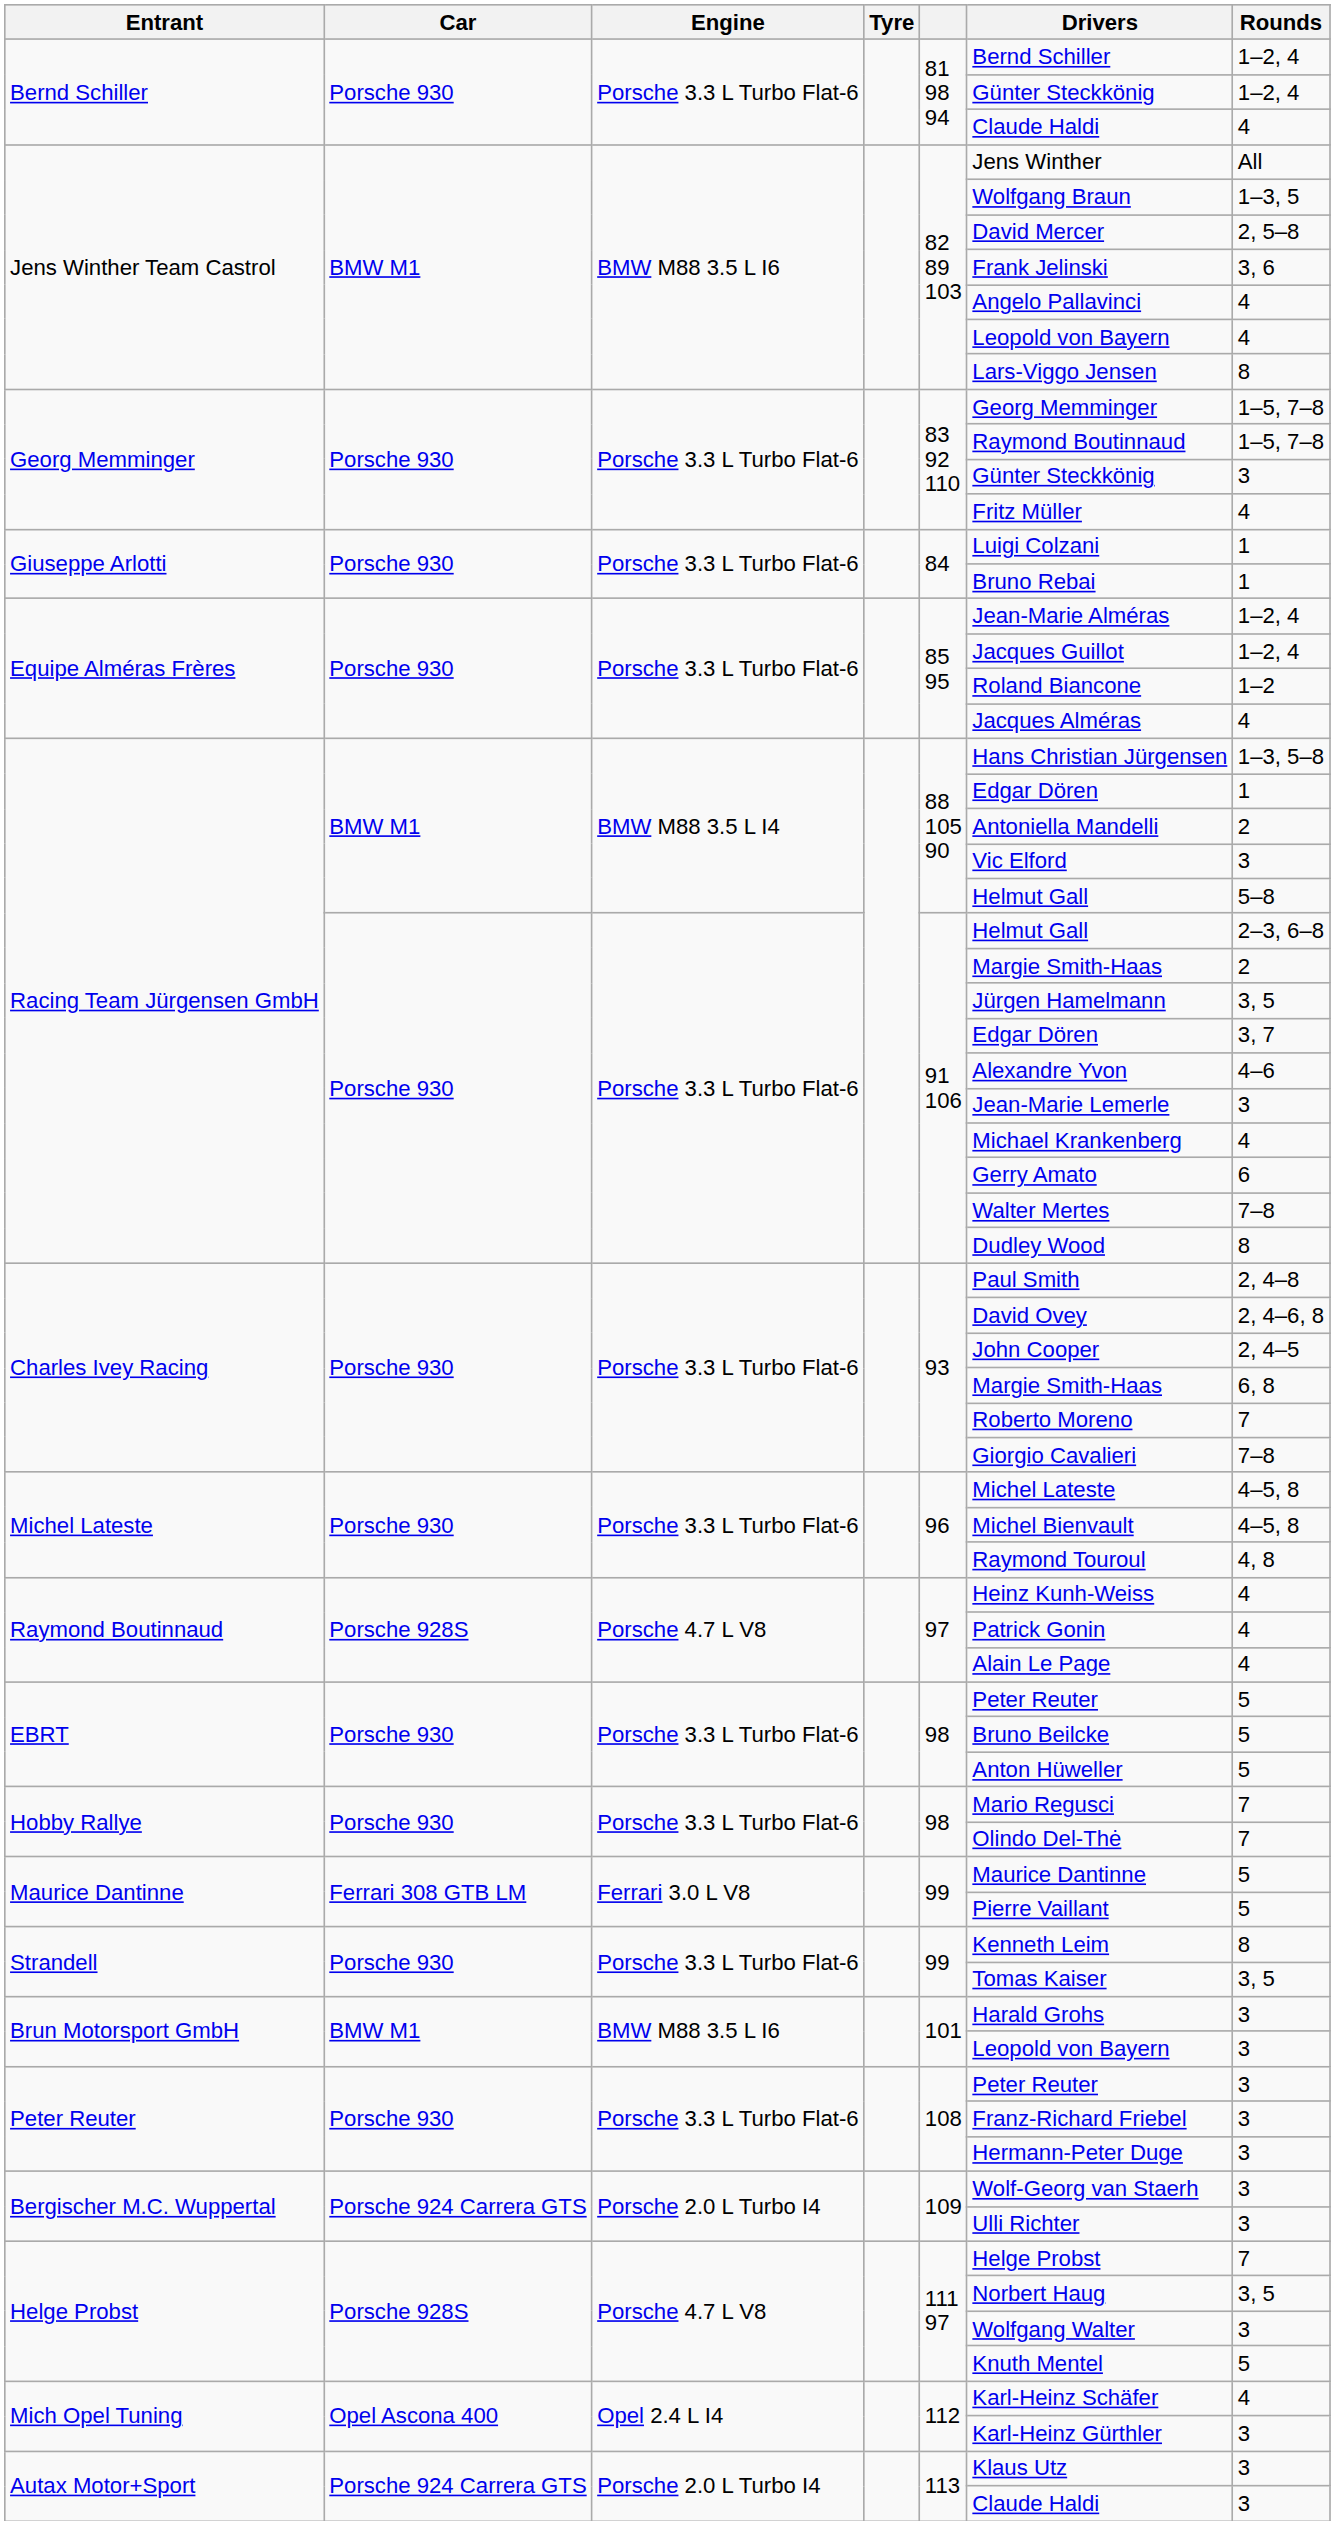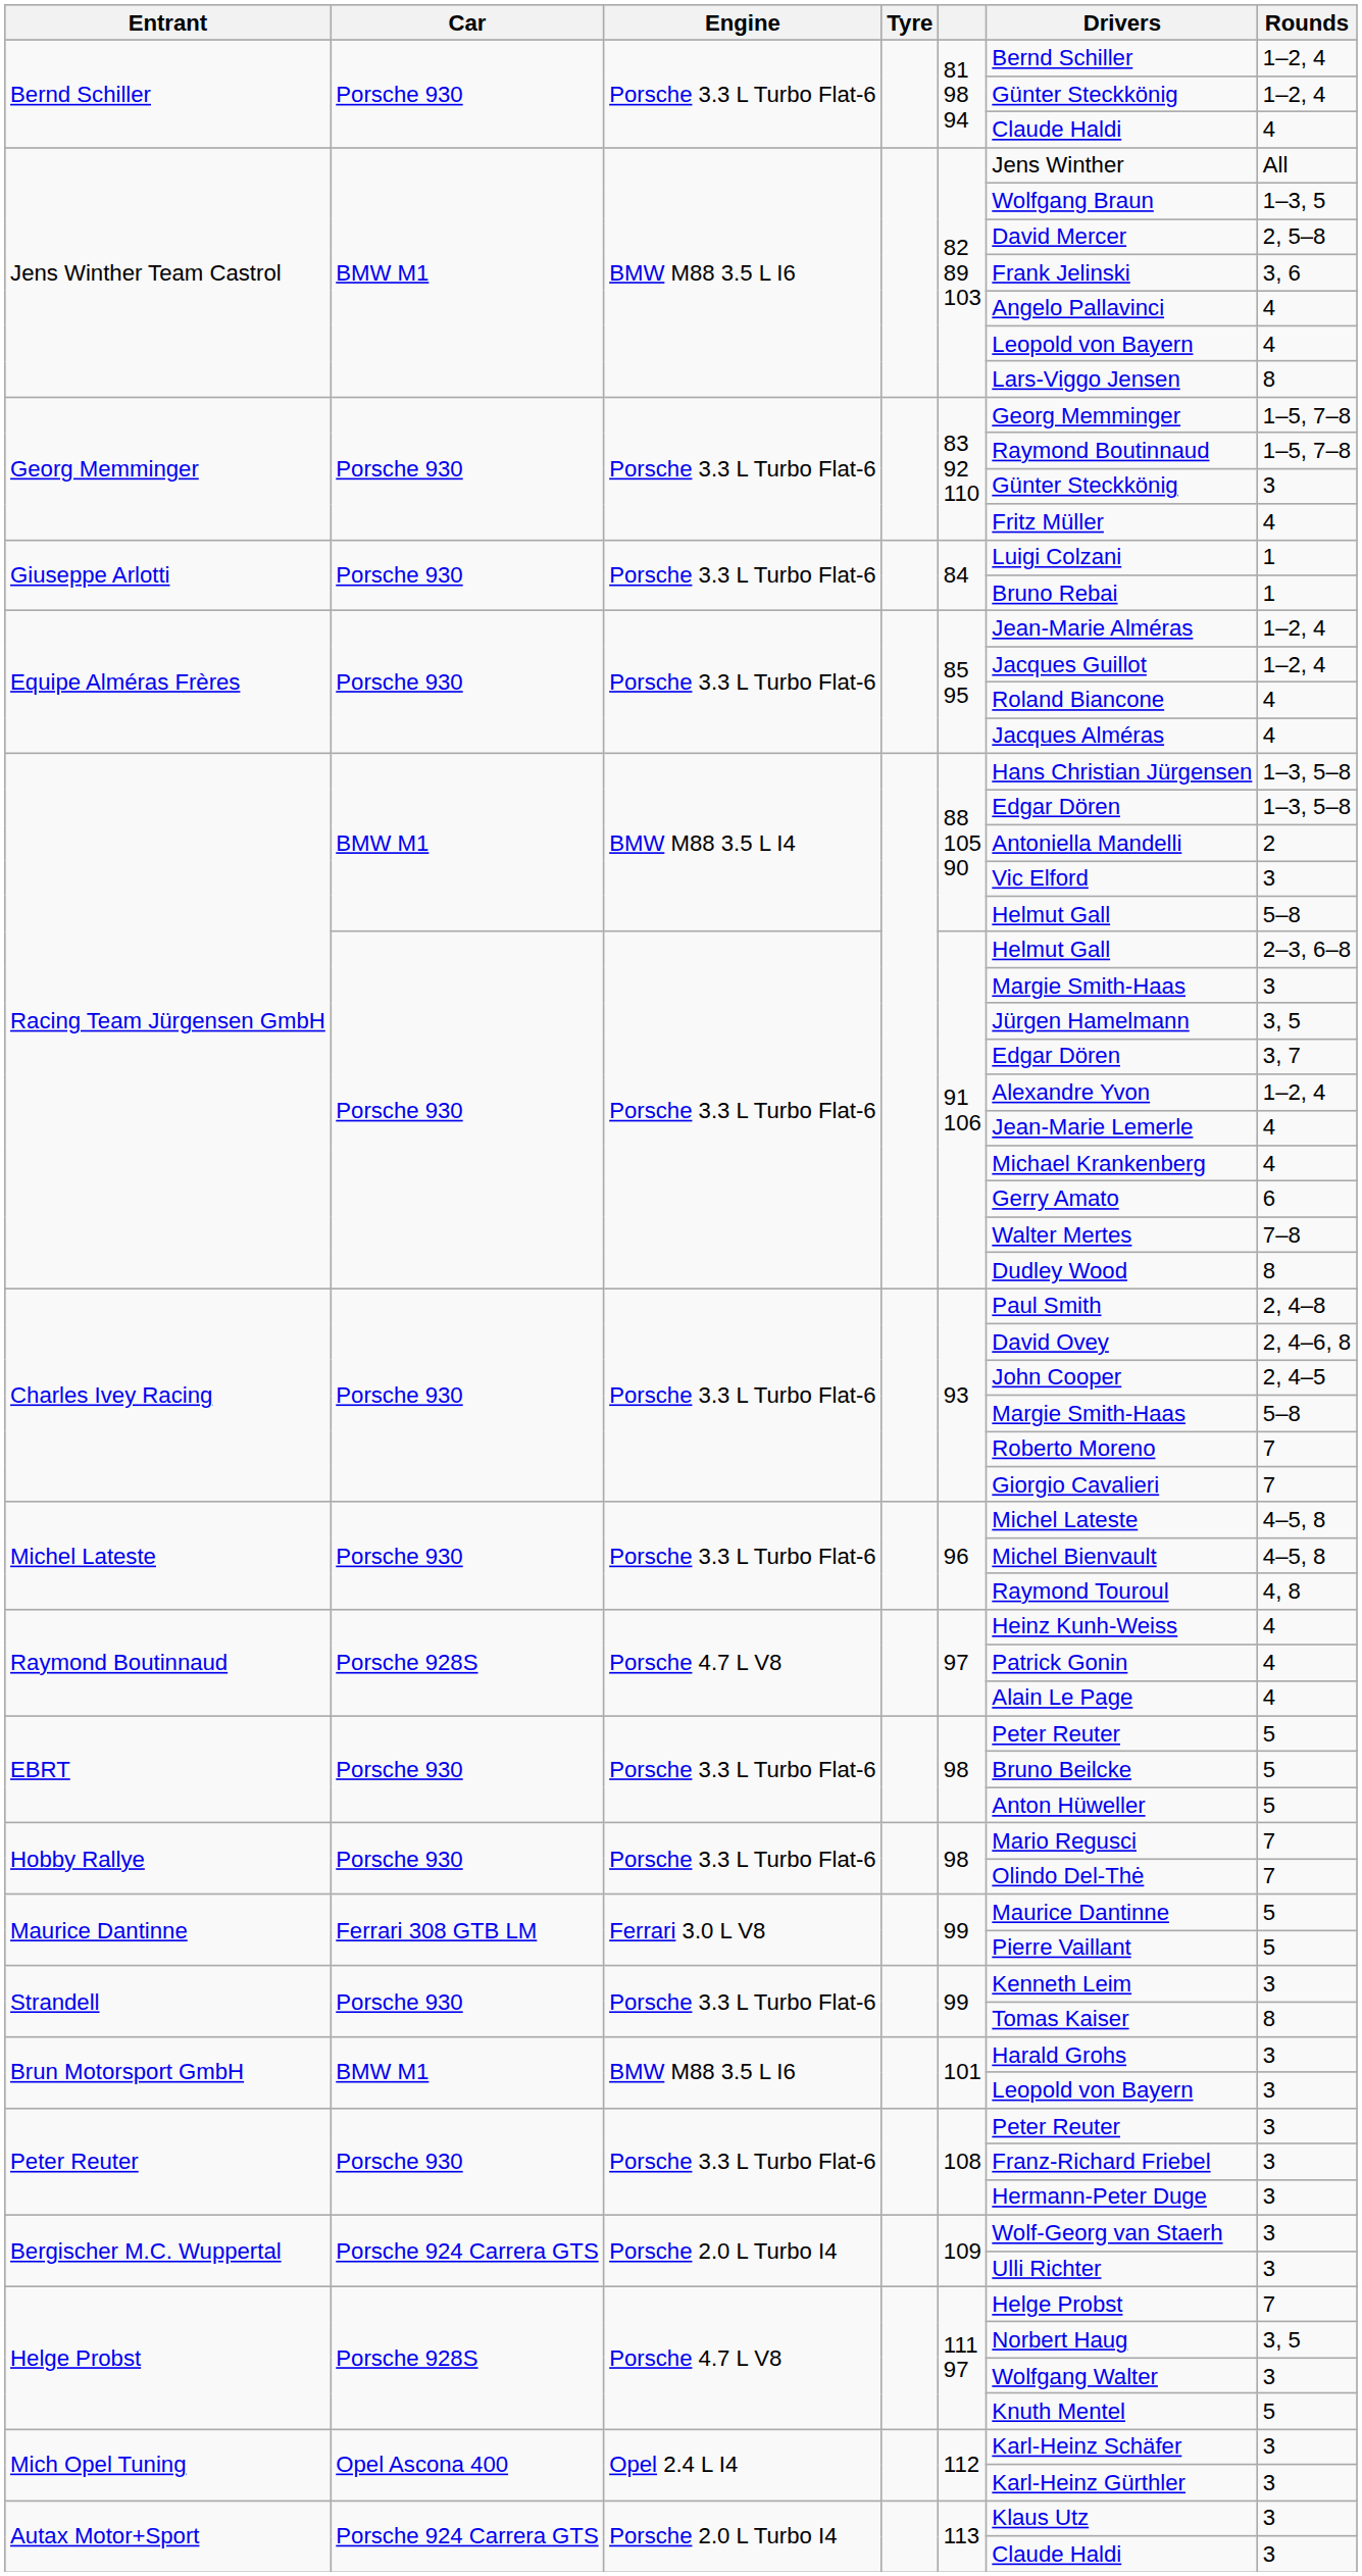 <table class="wikitable" style="font-size: 85%">
 <tr>
 <th>Entrant</th>
 <th>Car</th>
 <th>Engine</th>
 <th>Tyre</th>
 <th></th>
 <th>Drivers</th>
 <th>Rounds</th>
 </tr>
 <tr>
 <td rowspan=3> <a href='#'>Bernd Schiller</a></td>
 <td rowspan=3><a href='#'>Porsche 930</a></td>
 <td rowspan=3><a href='#'>Porsche</a> 3.3 L Turbo Flat-6</td>
 <td rowspan=3></td>
 <td rowspan=3>81<br>98<br>94</td>
 <td> <a href='#'>Bernd Schiller</a></td>
 <td>1–2, 4</td>
 </tr>
 <tr>
 <td> <a href='#'>Günter Steckkönig</a></td>
 <td>1–2, 4</td>
 </tr>
 <tr>
 <td> <a href='#'>Claude Haldi</a></td>
 <td>4</td>
 </tr>
 <tr>
 <td rowspan=7> Jens Winther Team Castrol</td>
 <td rowspan=7><a href='#'>BMW M1</a></td>
 <td rowspan=7><a href='#'>BMW</a> M88 3.5 L I6</td>
 <td rowspan=7><br></td>
 <td rowspan=7>82<br>89<br>103</td>
 <td> Jens Winther</td>
 <td>All</td>
 </tr>
 <tr>
 <td> <a href='#'>Wolfgang Braun</a></td>
 <td>1–3, 5</td>
 </tr>
 <tr>
 <td> <a href='#'>David Mercer</a></td>
 <td>2, 5–8</td>
 </tr>
 <tr>
 <td> <a href='#'>Frank Jelinski</a></td>
 <td>3, 6</td>
 </tr>
 <tr>
 <td> <a href='#'>Angelo Pallavinci</a></td>
 <td>4</td>
 </tr>
 <tr>
 <td> <a href='#'>Leopold von Bayern</a></td>
 <td>4</td>
 </tr>
 <tr>
 <td> <a href='#'>Lars-Viggo Jensen</a></td>
 <td>8</td>
 </tr>
 <tr>
 <td rowspan=4> <a href='#'>Georg Memminger</a></td>
 <td rowspan=4><a href='#'>Porsche 930</a></td>
 <td rowspan=4><a href='#'>Porsche</a> 3.3 L Turbo Flat-6</td>
 <td rowspan=4></td>
 <td rowspan=4>83<br>92<br>110</td>
 <td> <a href='#'>Georg Memminger</a></td>
 <td>1–5, 7–8</td>
 </tr>
 <tr>
 <td> <a href='#'>Raymond Boutinnaud</a></td>
 <td>1–5, 7–8</td>
 </tr>
 <tr>
 <td> <a href='#'>Günter Steckkönig</a></td>
 <td>3</td>
 </tr>
 <tr>
 <td> <a href='#'>Fritz Müller</a></td>
 <td>4</td>
 </tr>
 <tr>
 <td rowspan=2> <a href='#'>Giuseppe Arlotti</a></td>
 <td rowspan=2><a href='#'>Porsche 930</a></td>
 <td rowspan=2><a href='#'>Porsche</a> 3.3 L Turbo Flat-6</td>
 <td rowspan=2></td>
 <td rowspan=2>84</td>
 <td> <a href='#'>Luigi Colzani</a></td>
 <td>1</td>
 </tr>
 <tr>
 <td> <a href='#'>Bruno Rebai</a></td>
 <td>1</td>
 </tr>
 <tr>
 <td rowspan=4> <a href='#'>Equipe Alméras Frères</a></td>
 <td rowspan=4><a href='#'>Porsche 930</a></td>
 <td rowspan=4><a href='#'>Porsche</a> 3.3 L Turbo Flat-6</td>
 <td rowspan=4></td>
 <td rowspan=4>85<br>95</td>
 <td> <a href='#'>Jean-Marie Alméras</a></td>
 <td>1–2, 4</td>
 </tr>
 <tr>
 <td> <a href='#'>Jacques Guillot</a></td>
 <td>1–2, 4</td>
 </tr>
 <tr>
 <td> <a href='#'>Roland Biancone</a></td>
-<td>1–2</td>
+<td>4</td>
 </tr>
 <tr>
 <td> <a href='#'>Jacques Alméras</a></td>
 <td>4</td>
 </tr>
 <tr>
 <td rowspan=15> <a href='#'>Racing Team Jürgensen GmbH</a></td>
 <td rowspan=5><a href='#'>BMW M1</a></td>
 <td rowspan=5><a href='#'>BMW</a> M88 3.5 L I4</td>
 <td rowspan=15></td>
 <td rowspan=5>88<br>105<br>90</td>
 <td> <a href='#'>Hans Christian Jürgensen</a></td>
 <td>1–3, 5–8</td>
 </tr>
 <tr>
 <td> <a href='#'>Edgar Dören</a></td>
-<td>1</td>
+<td>1–3, 5–8</td>
 </tr>
 <tr>
 <td> <a href='#'>Antoniella Mandelli</a></td>
 <td>2</td>
 </tr>
 <tr>
 <td> <a href='#'>Vic Elford</a></td>
 <td>3</td>
 </tr>
 <tr>
 <td> <a href='#'>Helmut Gall</a></td>
 <td>5–8</td>
 </tr>
 <tr>
 <td rowspan=10><a href='#'>Porsche 930</a></td>
 <td rowspan=10><a href='#'>Porsche</a> 3.3 L Turbo Flat-6</td>
 <td rowspan=10>91<br>106</td>
 <td> <a href='#'>Helmut Gall</a></td>
 <td>2–3, 6–8</td>
 </tr>
 <tr>
 <td> <a href='#'>Margie Smith-Haas</a></td>
-<td>2</td>
+<td>3</td>
 </tr>
 <tr>
 <td> <a href='#'>Jürgen Hamelmann</a></td>
 <td>3, 5</td>
 </tr>
 <tr>
 <td> <a href='#'>Edgar Dören</a></td>
 <td>3, 7</td>
 </tr>
 <tr>
 <td> <a href='#'>Alexandre Yvon</a></td>
-<td>4–6</td>
+<td>1–2, 4</td>
 </tr>
 <tr>
 <td> <a href='#'>Jean-Marie Lemerle</a></td>
-<td>3</td>
+<td>4</td>
 </tr>
 <tr>
 <td> <a href='#'>Michael Krankenberg</a></td>
 <td>4</td>
 </tr>
 <tr>
 <td> <a href='#'>Gerry Amato</a></td>
 <td>6</td>
 </tr>
 <tr>
 <td> <a href='#'>Walter Mertes</a></td>
 <td>7–8</td>
 </tr>
 <tr>
 <td> <a href='#'>Dudley Wood</a></td>
 <td>8</td>
 </tr>
 <tr>
 <td rowspan=6> <a href='#'>Charles Ivey Racing</a></td>
 <td rowspan=6><a href='#'>Porsche 930</a></td>
 <td rowspan=6><a href='#'>Porsche</a> 3.3 L Turbo Flat-6</td>
 <td rowspan=6><br></td>
 <td rowspan=6>93</td>
 <td> <a href='#'>Paul Smith</a></td>
 <td>2, 4–8</td>
 </tr>
 <tr>
 <td> <a href='#'>David Ovey</a></td>
 <td>2, 4–6, 8</td>
 </tr>
 <tr>
 <td> <a href='#'>John Cooper</a></td>
 <td>2, 4–5</td>
 </tr>
 <tr>
 <td> <a href='#'>Margie Smith-Haas</a></td>
-<td>6, 8</td>
+<td>5–8</td>
 </tr>
 <tr>
 <td> <a href='#'>Roberto Moreno</a></td>
 <td>7</td>
 </tr>
 <tr>
 <td> <a href='#'>Giorgio Cavalieri</a></td>
-<td>7–8</td>
+<td>7</td>
 </tr>
 <tr>
 <td rowspan=3> <a href='#'>Michel Lateste</a></td>
 <td rowspan=3><a href='#'>Porsche 930</a></td>
 <td rowspan=3><a href='#'>Porsche</a> 3.3 L Turbo Flat-6</td>
 <td rowspan=3></td>
 <td rowspan=3>96</td>
 <td> <a href='#'>Michel Lateste</a></td>
 <td>4–5, 8</td>
 </tr>
 <tr>
 <td> <a href='#'>Michel Bienvault</a></td>
 <td>4–5, 8</td>
 </tr>
 <tr>
 <td> <a href='#'>Raymond Touroul</a></td>
 <td>4, 8</td>
 </tr>
 <tr>
 <td rowspan=3> <a href='#'>Raymond Boutinnaud</a></td>
 <td rowspan=3><a href='#'>Porsche 928S</a></td>
 <td rowspan=3><a href='#'>Porsche</a> 4.7 L V8</td>
 <td rowspan=3></td>
 <td rowspan=3>97</td>
 <td> <a href='#'>Heinz Kunh-Weiss</a></td>
 <td>4</td>
 </tr>
 <tr>
 <td> <a href='#'>Patrick Gonin</a></td>
 <td>4</td>
 </tr>
 <tr>
 <td> <a href='#'>Alain Le Page</a></td>
 <td>4</td>
 </tr>
 <tr>
 <td rowspan=3> <a href='#'>EBRT</a></td>
 <td rowspan=3><a href='#'>Porsche 930</a></td>
 <td rowspan=3><a href='#'>Porsche</a> 3.3 L Turbo Flat-6</td>
 <td rowspan=3></td>
 <td rowspan=3>98</td>
 <td> <a href='#'>Peter Reuter</a></td>
 <td>5</td>
 </tr>
 <tr>
 <td> <a href='#'>Bruno Beilcke</a></td>
 <td>5</td>
 </tr>
 <tr>
 <td> <a href='#'>Anton Hüweller</a></td>
 <td>5</td>
 </tr>
 <tr>
 <td rowspan=2> <a href='#'>Hobby Rallye</a></td>
 <td rowspan=2><a href='#'>Porsche 930</a></td>
 <td rowspan=2><a href='#'>Porsche</a> 3.3 L Turbo Flat-6</td>
 <td rowspan=2></td>
 <td rowspan=2>98</td>
 <td> <a href='#'>Mario Regusci</a></td>
 <td>7</td>
 </tr>
 <tr>
 <td> <a href='#'>Olindo Del-Thė</a></td>
 <td>7</td>
 </tr>
 <tr>
 <td rowspan=2> <a href='#'>Maurice Dantinne</a></td>
 <td rowspan=2><a href='#'>Ferrari 308 GTB LM</a></td>
 <td rowspan=2><a href='#'>Ferrari</a> 3.0 L V8</td>
 <td rowspan=2></td>
 <td rowspan=2>99</td>
 <td> <a href='#'>Maurice Dantinne</a></td>
 <td>5</td>
 </tr>
 <tr>
 <td> <a href='#'>Pierre Vaillant</a></td>
 <td>5</td>
 </tr>
 <tr>
 <td rowspan=2> <a href='#'>Strandell</a></td>
 <td rowspan=2><a href='#'>Porsche 930</a></td>
 <td rowspan=2><a href='#'>Porsche</a> 3.3 L Turbo Flat-6</td>
 <td rowspan=2></td>
 <td rowspan=2>99</td>
 <td> <a href='#'>Kenneth Leim</a></td>
-<td>8</td>
+<td>3</td>
 </tr>
 <tr>
 <td> <a href='#'>Tomas Kaiser</a></td>
-<td>3, 5</td>
+<td>8</td>
 </tr>
 <tr>
 <td rowspan=2> <a href='#'>Brun Motorsport GmbH</a></td>
 <td rowspan=2><a href='#'>BMW M1</a></td>
 <td rowspan=2><a href='#'>BMW</a> M88 3.5 L I6</td>
 <td rowspan=2></td>
 <td rowspan=2>101</td>
 <td> <a href='#'>Harald Grohs</a></td>
 <td>3</td>
 </tr>
 <tr>
 <td> <a href='#'>Leopold von Bayern</a></td>
 <td>3</td>
 </tr>
 <tr>
 <td rowspan=3> <a href='#'>Peter Reuter</a></td>
 <td rowspan=3><a href='#'>Porsche 930</a></td>
 <td rowspan=3><a href='#'>Porsche</a> 3.3 L Turbo Flat-6</td>
 <td rowspan=3></td>
 <td rowspan=3>108</td>
 <td> <a href='#'>Peter Reuter</a></td>
 <td>3</td>
 </tr>
 <tr>
 <td> <a href='#'>Franz-Richard Friebel</a></td>
 <td>3</td>
 </tr>
 <tr>
 <td> <a href='#'>Hermann-Peter Duge</a></td>
 <td>3</td>
 </tr>
 <tr>
 <td rowspan=2> <a href='#'>Bergischer M.C. Wuppertal</a></td>
 <td rowspan=2><a href='#'>Porsche 924 Carrera GTS</a></td>
 <td rowspan=2><a href='#'>Porsche</a> 2.0 L Turbo I4</td>
 <td rowspan=2></td>
 <td rowspan=2>109</td>
 <td> <a href='#'>Wolf-Georg van Staerh</a></td>
 <td>3</td>
 </tr>
 <tr>
 <td> <a href='#'>Ulli Richter</a></td>
 <td>3</td>
 </tr>
 <tr>
 <td rowspan=4> <a href='#'>Helge Probst</a></td>
 <td rowspan=4><a href='#'>Porsche 928S</a></td>
 <td rowspan=4><a href='#'>Porsche</a> 4.7 L V8</td>
 <td rowspan=4></td>
 <td rowspan=4>111<br>97</td>
 <td> <a href='#'>Helge Probst</a></td>
 <td>7</td>
 </tr>
 <tr>
 <td> <a href='#'>Norbert Haug</a></td>
 <td>3, 5</td>
 </tr>
 <tr>
 <td> <a href='#'>Wolfgang Walter</a></td>
 <td>3</td>
 </tr>
 <tr>
 <td> <a href='#'>Knuth Mentel</a></td>
 <td>5</td>
 </tr>
 <tr>
 <td rowspan=2> <a href='#'>Mich Opel Tuning</a></td>
 <td rowspan=2><a href='#'>Opel Ascona 400</a></td>
 <td rowspan=2><a href='#'>Opel</a> 2.4 L I4</td>
 <td rowspan=2></td>
 <td rowspan=2>112</td>
 <td> <a href='#'>Karl-Heinz Schäfer</a></td>
-<td>4</td>
+<td>3</td>
 </tr>
 <tr>
 <td> <a href='#'>Karl-Heinz Gürthler</a></td>
 <td>3</td>
 </tr>
 <tr>
 <td rowspan=2> <a href='#'>Autax Motor+Sport</a></td>
 <td rowspan=2><a href='#'>Porsche 924 Carrera GTS</a></td>
 <td rowspan=2><a href='#'>Porsche</a> 2.0 L Turbo I4</td>
 <td rowspan=2></td>
 <td rowspan=2>113</td>
 <td> <a href='#'>Klaus Utz</a></td>
 <td>3</td>
 </tr>
 <tr>
 <td> <a href='#'>Claude Haldi</a></td>
 <td>3</td>
 </tr>
 <tr>
 </tr>
 </table>
